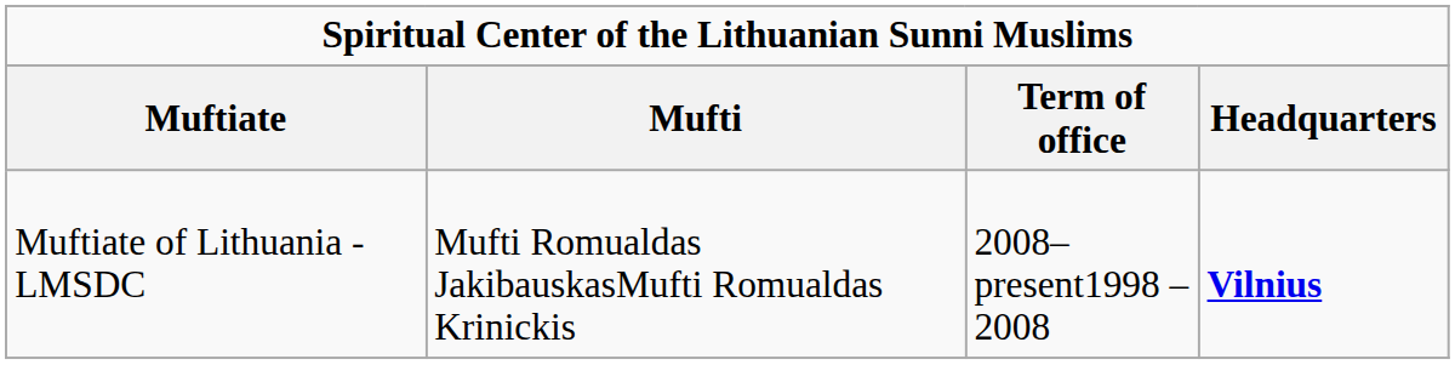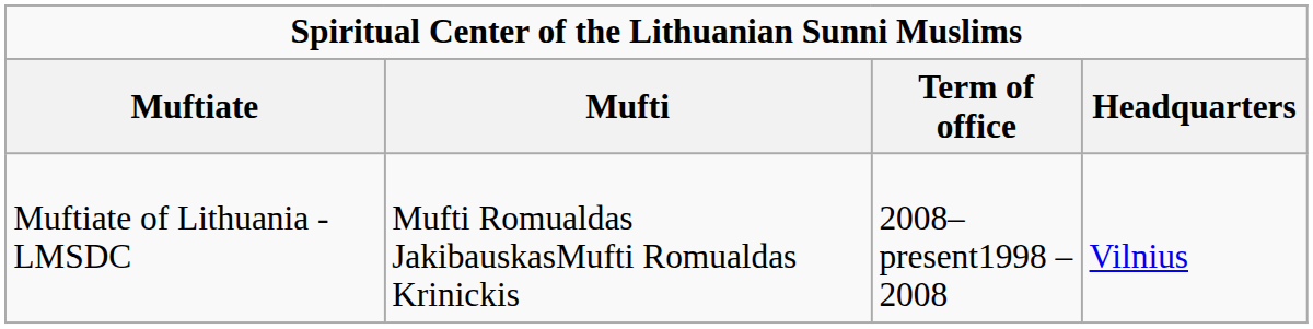 <table class=wikitable>
 <tr>
 <td colspan=4 align=center><strong>Spiritual Center of the Lithuanian Sunni Muslims</strong></td>
 </tr>
 <tr>
 <th scope="row" width="250">Muftiate</th>
 <th scope="row" width="300">Mufti</th>
 <th scope="row" width="100">Term of office</th>
 <th scope="row" width="100">Headquarters</th>
 </tr>
 <tr>
 <td>Muftiate of Lithuania - LMSDC</td>
 <td><br>Mufti Romualdas JakibauskasMufti Romualdas Krinickis</td>
 <td><br>2008–present1998 – 2008</td>
-<td><strong><br><a href='#'>Vilnius</a></strong></td>
+<td><br><a href='#'>Vilnius</a></td>
 </tr>
 </table>
